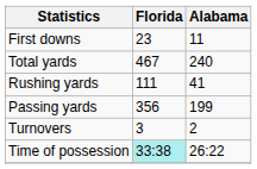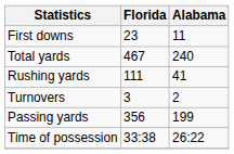 <table class="wikitable" style="float: left;">
 <tr>
 <th>Statistics</th>
 <th>Florida</th>
 <th>Alabama</th>
 </tr>
 <tr>
 <td>First downs</td>
 <td>23</td>
 <td>11</td>
 </tr>
 <tr>
 <td>Total yards</td>
 <td>467</td>
 <td>240</td>
 </tr>
 <tr>
 <td>Rushing yards</td>
 <td>111</td>
 <td>41</td>
 </tr>
 <tr>
+<td>Turnovers</td>
+<td>3</td>
+<td>2</td>
+</tr>
+<tr>
 <td>Passing yards</td>
 <td>356</td>
 <td>199</td>
 </tr>
 <tr>
-<td>Turnovers</td>
-<td>3</td>
-<td>2</td>
-</tr>
-<tr>
 <td>Time of possession</td>
-<td style="background: paleturquoise;">33:38</td>
+<td>33:38</td>
 <td>26:22</td>
 </tr>
 <tr>
 </tr>
 </table>
